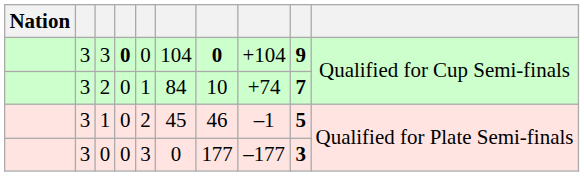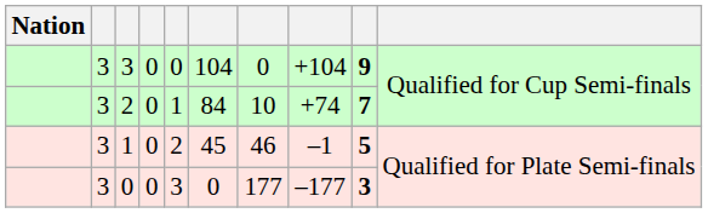 <table class="wikitable" style="text-align: center;">
 <tr>
 <th>Nation</th>
 <th></th>
 <th></th>
 <th></th>
 <th></th>
 <th></th>
 <th></th>
 <th></th>
 <th></th>
 <th></th>
 </tr>
 <tr bgcolor="#ccffcc">
 <td align="left"></td>
 <td>3</td>
 <td>3</td>
-<td><strong>0</strong></td>
+<td>0</td>
 <td>0</td>
 <td>104</td>
-<td><strong>0</strong></td>
+<td>0</td>
 <td>+104</td>
 <td><strong>9</strong></td>
 <td rowspan="2">Qualified for Cup Semi-finals</td>
 </tr>
 <tr bgcolor="#ccffcc">
 <td align="left"></td>
 <td>3</td>
 <td>2</td>
 <td>0</td>
 <td>1</td>
 <td>84</td>
 <td>10</td>
 <td>+74</td>
 <td><strong>7</strong></td>
 </tr>
 <tr bgcolor="FFE4E1">
 <td align="left"></td>
 <td>3</td>
 <td>1</td>
 <td>0</td>
 <td>2</td>
 <td>45</td>
 <td>46</td>
 <td>–1</td>
 <td><strong>5</strong></td>
 <td rowspan="2">Qualified for Plate Semi-finals</td>
 </tr>
 <tr bgcolor="FFE4E1">
 <td align="left"></td>
 <td>3</td>
 <td>0</td>
 <td>0</td>
 <td>3</td>
 <td>0</td>
 <td>177</td>
 <td>–177</td>
 <td><strong>3</strong></td>
 </tr>
 </table>
